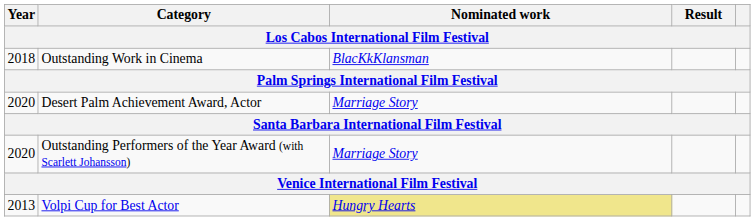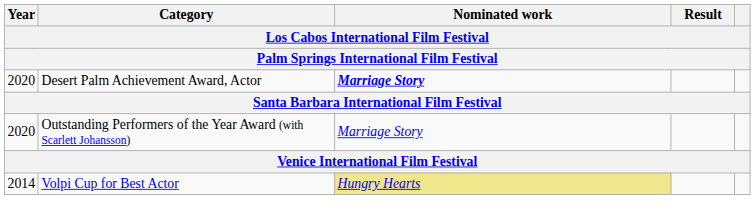 <table class="wikitable">
 <tr>
 <th scope="col" style="width:1em;">Year</th>
 <th scope="col" style="width:30em;">Category</th>
 <th scope="col" style="width:35em;">Nominated work</th>
 <th scope="col" style="width:5em;">Result</th>
 <th scope="col" style="width:1em;"></th>
 </tr>
 <tr>
 <th colspan="5"><a href='#'>Los Cabos International Film Festival</a></th>
 </tr>
 <tr>
-<td style="text-align:center;">2018</td>
-<td>Outstanding Work in Cinema</td>
-<td><em><a href='#'>BlacKkKlansman</a></em></td>
-<td></td>
-<td style="text-align:center;"></td>
-</tr>
-<tr>
 <th colspan="5"><a href='#'>Palm Springs International Film Festival</a></th>
 </tr>
 <tr>
 <td style="text-align:center;">2020</td>
 <td>Desert Palm Achievement Award, Actor</td>
-<td><a href='#'><em>Marriage Story</em></a></td>
+<td><strong><a href='#'><em>Marriage Story</em></a></strong></td>
 <td></td>
 <td style="text-align:center;"></td>
 </tr>
 <tr>
 <th colspan="5"><a href='#'>Santa Barbara International Film Festival</a></th>
 </tr>
 <tr>
 <td style="text-align:center;">2020</td>
 <td>Outstanding Performers of the Year Award <small>(with <a href='#'>Scarlett Johansson</a>)</small></td>
 <td><a href='#'><em>Marriage Story</em></a></td>
 <td></td>
 <td style="text-align:center;"></td>
 </tr>
 <tr>
 <th colspan="5"><a href='#'>Venice International Film Festival</a></th>
 </tr>
 <tr>
-<td style="text-align:center;">2013</td>
+<td style="text-align:center;">2014</td>
 <td><a href='#'>Volpi Cup for Best Actor</a></td>
 <td style="background: khaki;"><em><a href='#'>Hungry Hearts</a></em></td>
 <td></td>
 <td style="text-align:center;"></td>
 </tr>
 </table>
